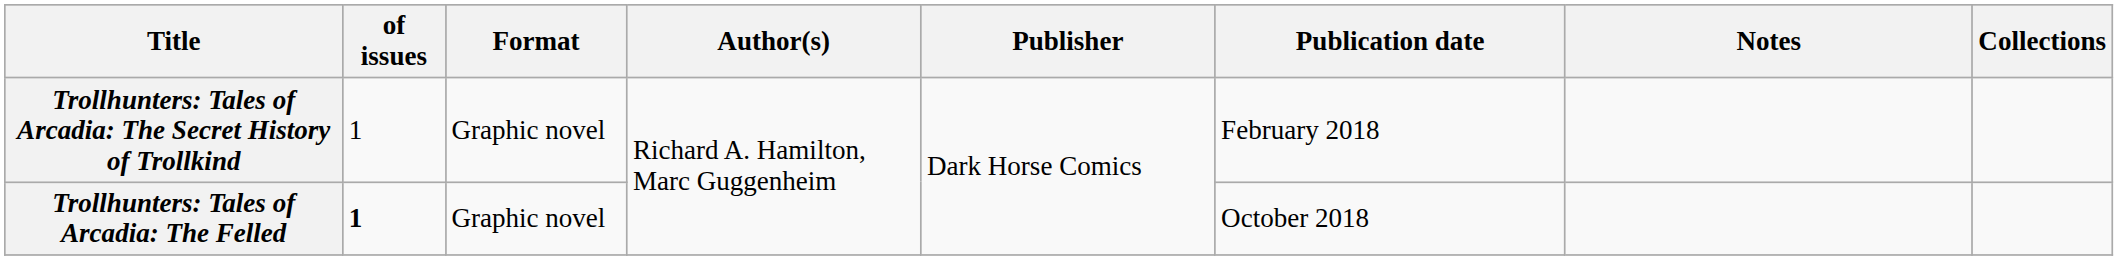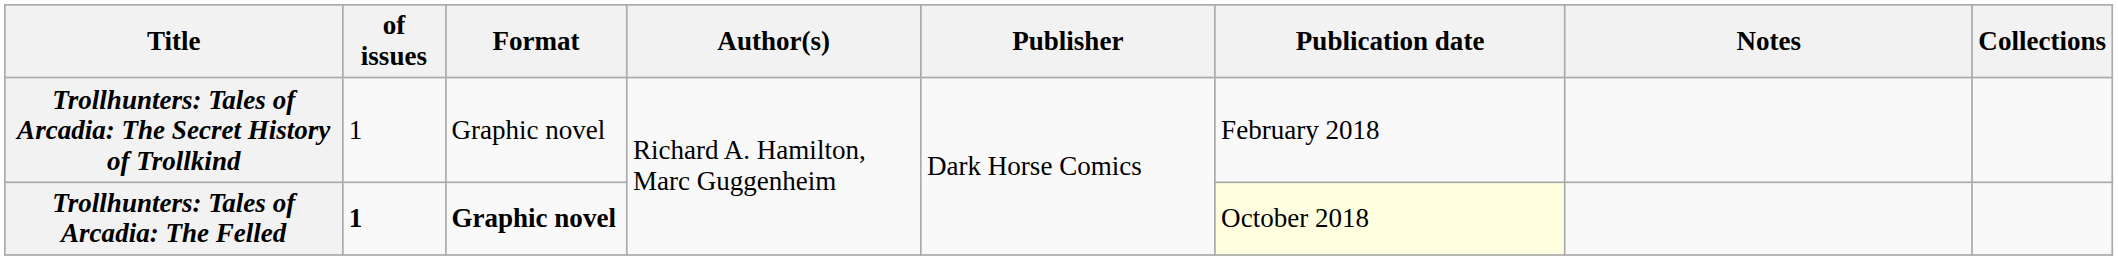 <table class="wikitable">
 <tr>
 <th>Title</th>
 <th style="width:40pt"> of issues</th>
 <th style="width:75pt">Format</th>
 <th style="width:125pt">Author(s)</th>
 <th style="width:125pt">Publisher</th>
 <th style="width:150pt">Publication date</th>
 <th style="width:175pt">Notes</th>
 <th>Collections</th>
 </tr>
 <tr>
 <th><em>Trollhunters: Tales of Arcadia: The Secret History of Trollkind</em></th>
 <td>1</td>
 <td>Graphic novel</td>
 <td rowspan="2">Richard A. Hamilton, Marc Guggenheim</td>
 <td rowspan="2">Dark Horse Comics</td>
 <td>February 2018</td>
 <td></td>
 <td></td>
 </tr>
 <tr>
 <th><em>Trollhunters: Tales of Arcadia: The Felled</em></th>
 <td><strong>1</strong></td>
-<td>Graphic novel</td>
-<td>October 2018</td>
+<td><strong>Graphic novel</strong></td>
+<td style="background: lightyellow;">October 2018</td>
 <td></td>
 <td></td>
 </tr>
 </table>
